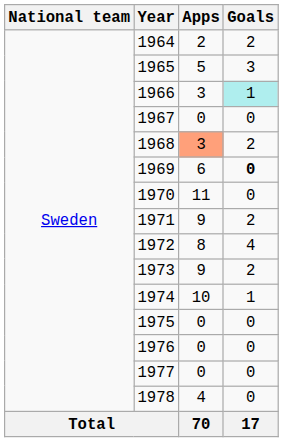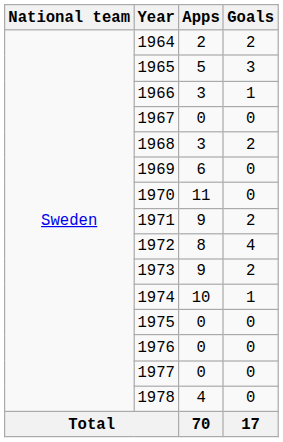 <table class="wikitable" style="text-align:center">
 <tr>
 <th>National team</th>
 <th>Year</th>
 <th>Apps</th>
 <th>Goals</th>
 </tr>
 <tr>
 <td rowspan="15"><a href='#'>Sweden</a></td>
 <td>1964</td>
 <td>2</td>
 <td>2</td>
 </tr>
 <tr>
 <td>1965</td>
 <td>5</td>
 <td>3</td>
 </tr>
 <tr>
 <td>1966</td>
 <td>3</td>
-<td style="background: paleturquoise;">1</td>
+<td>1</td>
 </tr>
 <tr>
 <td>1967</td>
 <td>0</td>
 <td>0</td>
 </tr>
 <tr>
 <td>1968</td>
-<td style="background: lightsalmon;">3</td>
+<td>3</td>
 <td>2</td>
 </tr>
 <tr>
 <td>1969</td>
 <td>6</td>
-<td><strong>0</strong></td>
+<td>0</td>
 </tr>
 <tr>
 <td>1970</td>
 <td>11</td>
 <td>0</td>
 </tr>
 <tr>
 <td>1971</td>
 <td>9</td>
 <td>2</td>
 </tr>
 <tr>
 <td>1972</td>
 <td>8</td>
 <td>4</td>
 </tr>
 <tr>
 <td>1973</td>
 <td>9</td>
 <td>2</td>
 </tr>
 <tr>
 <td>1974</td>
 <td>10</td>
 <td>1</td>
 </tr>
 <tr>
 <td>1975</td>
 <td>0</td>
 <td>0</td>
 </tr>
 <tr>
 <td>1976</td>
 <td>0</td>
 <td>0</td>
 </tr>
 <tr>
 <td>1977</td>
 <td>0</td>
 <td>0</td>
 </tr>
 <tr>
 <td>1978</td>
 <td>4</td>
 <td>0</td>
 </tr>
 <tr>
 <th colspan="2">Total</th>
 <th>70</th>
 <th>17</th>
 </tr>
 </table>
